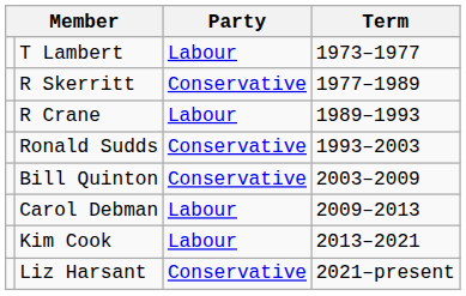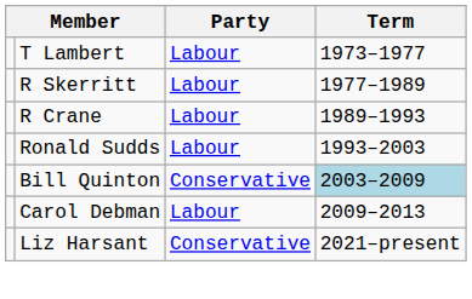 <table class="wikitable">
 <tr>
 <th colspan="2">Member</th>
 <th>Party</th>
 <th>Term</th>
 </tr>
 <tr>
 <td style="background-color: "></td>
 <td>T Lambert</td>
 <td><a href='#'>Labour</a></td>
 <td>1973–1977</td>
 </tr>
 <tr>
 <td style="background-color: "></td>
 <td>R Skerritt</td>
-<td><a href='#'>Conservative</a></td>
+<td><a href='#'>Labour</a></td>
 <td>1977–1989</td>
 </tr>
 <tr>
 <td style="background-color: "></td>
 <td>R Crane</td>
 <td><a href='#'>Labour</a></td>
 <td>1989–1993</td>
 </tr>
 <tr>
 <td style="background-color: "></td>
 <td>Ronald Sudds</td>
-<td><a href='#'>Conservative</a></td>
+<td><a href='#'>Labour</a></td>
 <td>1993–2003</td>
 </tr>
 <tr>
 <td style="background-color: "></td>
 <td>Bill Quinton</td>
 <td><a href='#'>Conservative</a></td>
-<td>2003–2009</td>
+<td style="background: lightblue;">2003–2009</td>
 </tr>
 <tr>
 <td style="background-color: "></td>
 <td>Carol Debman</td>
 <td><a href='#'>Labour</a></td>
 <td>2009–2013</td>
 </tr>
 <tr>
 <td style="background-color: "></td>
-<td>Kim Cook</td>
-<td><a href='#'>Labour</a></td>
-<td>2013–2021</td>
-</tr>
-<tr>
-<td style="background-color: "></td>
 <td>Liz Harsant</td>
 <td><a href='#'>Conservative</a></td>
 <td>2021–present</td>
 </tr>
 </table>
